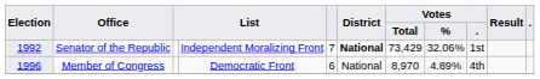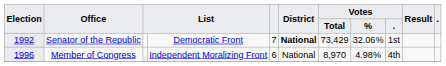 <table class="wikitable" style="font-size:90%; text-align:center;">
 <tr>
 <th style="background-color:#EAECF0;" rowspan=2>Election</th>
 <th style="background-color:#EAECF0;" rowspan=2>Office</th>
 <th style="background-color:#EAECF0;" colspan=2 rowspan=2>List</th>
 <th style="background-color:#EAECF0;" rowspan=2></th>
 <th style="background-color:#EAECF0;" rowspan=2>District</th>
 <th style="background-color:#EAECF0;" colspan=3>Votes</th>
 <th style="background-color:#EAECF0;" rowspan=2>Result</th>
 <th style="background-color:#EAECF0;" rowspan=2>.</th>
 </tr>
 <tr>
 <th style="background-color:#EAECF0;">Total</th>
 <th style="background-color:#EAECF0;">%</th>
 <th style="background-color:#EAECF0;">.</th>
 </tr>
 <tr>
 <td style="background-color:#EAECF0;"><a href='#'>1992</a></td>
 <td><a href='#'>Senator of the Republic</a></td>
 <td style="background-color:"></td>
-<td><a href='#'>Independent Moralizing Front</a></td>
+<td><a href='#'>Democratic Front</a></td>
 <td>7</td>
 <td><strong>National</strong></td>
 <td>73,429</td>
 <td>32.06%</td>
 <td>1st</td>
 <td></td>
 <td></td>
 </tr>
 <tr>
 <td style="background-color:#EAECF0;"><a href='#'>1996</a></td>
 <td><a href='#'>Member of Congress</a></td>
 <td style="background-color:"></td>
-<td><a href='#'>Democratic Front</a></td>
+<td><a href='#'>Independent Moralizing Front</a></td>
 <td>6</td>
 <td>National</td>
 <td>8,970</td>
-<td>4.89%</td>
+<td>4.98%</td>
 <td>4th</td>
 <td></td>
 <td></td>
 </tr>
 <tr>
 </tr>
 </table>
